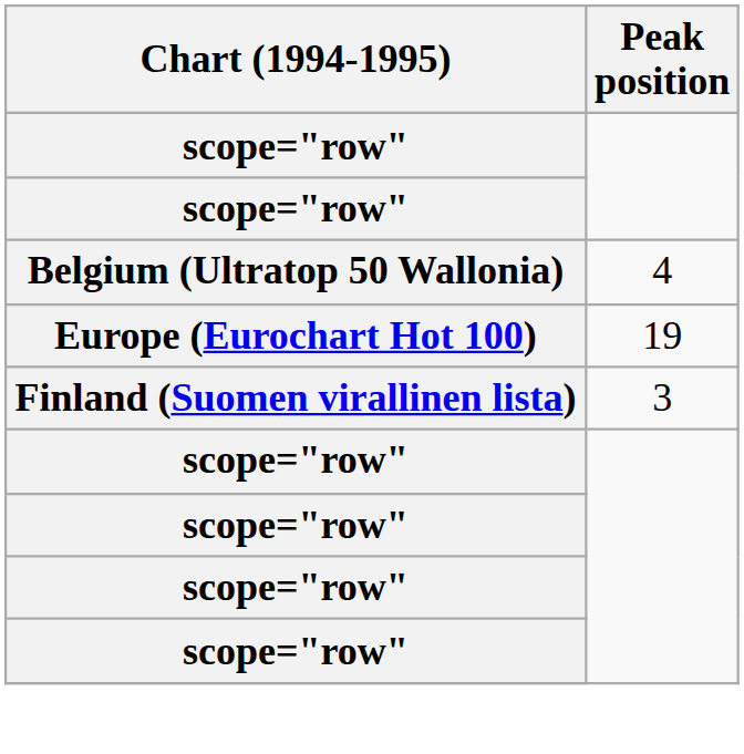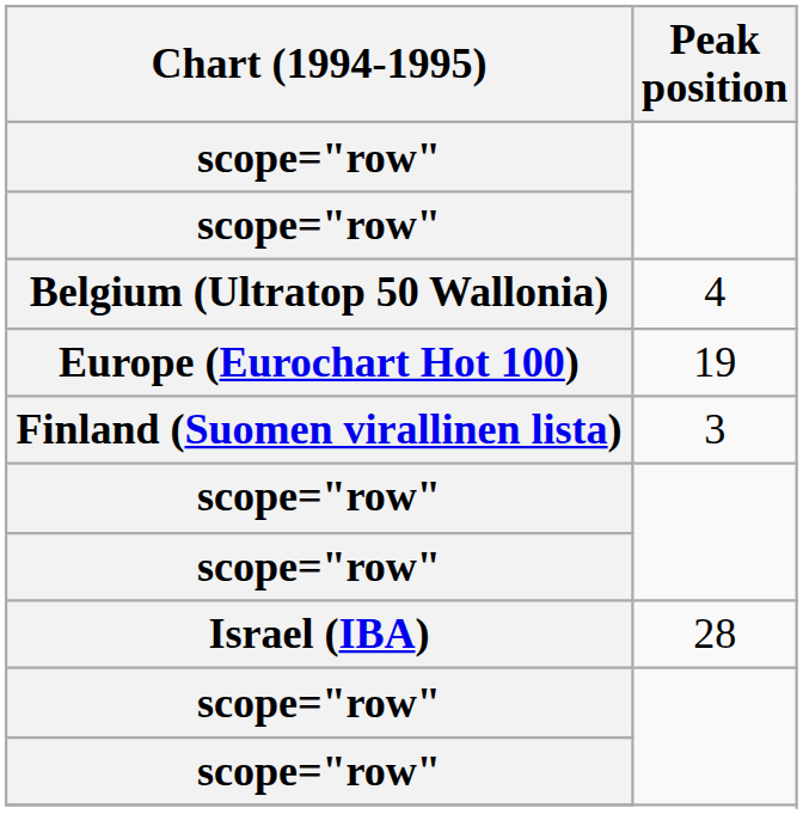 <table class="wikitable sortable plainrowheaders">
 <tr>
 <th>Chart (1994-1995)</th>
 <th>Peak<br>position</th>
 </tr>
 <tr>
 <th>scope="row"</th>
 </tr>
 <tr>
 <th>scope="row"</th>
 </tr>
 <tr>
 <th scope="row">Belgium (Ultratop 50 Wallonia)</th>
 <td align="center">4</td>
 </tr>
 <tr>
 <th scope="row">Europe (<a href='#'>Eurochart Hot 100</a>)</th>
 <td align="center">19</td>
 </tr>
 <tr>
 <th scope="row">Finland (<a href='#'>Suomen virallinen lista</a>)</th>
 <td align="center">3</td>
 </tr>
 <tr>
 <th>scope="row"</th>
 </tr>
 <tr>
 <th>scope="row"</th>
 </tr>
 <tr>
+<th scope="row">Israel (<a href='#'>IBA</a>)</th>
+<td align="center">28</td>
+</tr>
+<tr>
 <th>scope="row"</th>
 </tr>
 <tr>
 <th>scope="row"</th>
 </tr>
 <tr>
 </tr>
 </table>
